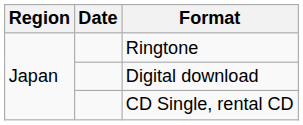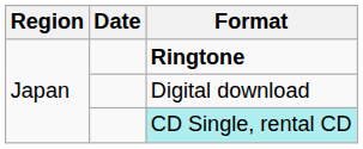 <table class="wikitable">
 <tr>
 <th>Region</th>
 <th>Date</th>
 <th>Format</th>
 </tr>
 <tr>
 <td rowspan="3">Japan</td>
 <td></td>
-<td>Ringtone</td>
+<td><strong>Ringtone</strong></td>
 </tr>
 <tr>
 <td></td>
 <td>Digital download</td>
 </tr>
 <tr>
 <td></td>
-<td>CD Single, rental CD</td>
+<td style="background: paleturquoise;">CD Single, rental CD</td>
 </tr>
 </table>
